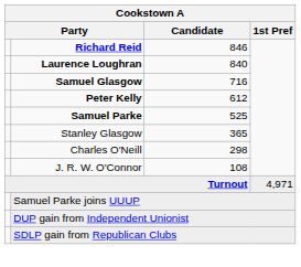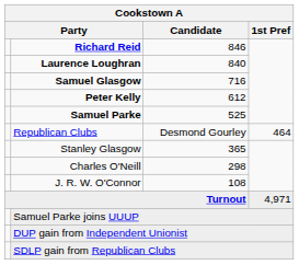 <table class="wikitable">
 <tr>
 <th colspan="4" align="center">Cookstown A</th>
 </tr>
 <tr>
 <th colspan="2" align="center" width=200>Party</th>
 <th width=150>Candidate</th>
 <th width=60>1st Pref</th>
 </tr>
 <tr>
 <td></td>
 <td align="right"><strong><a href='#'>Richard Reid</a></strong></td>
 <td align="right">846</td>
 </tr>
 <tr>
 <td></td>
 <td align="right"><strong>Laurence Loughran</strong></td>
 <td align="right">840</td>
 </tr>
 <tr>
 <td></td>
 <td align="right"><strong>Samuel Glasgow</strong></td>
 <td align="right">716</td>
 </tr>
 <tr>
 <td></td>
 <td align="right"><strong>Peter Kelly</strong></td>
 <td align="right">612</td>
 </tr>
 <tr>
 <td></td>
 <td align="right"><strong>Samuel Parke</strong></td>
 <td align="right">525</td>
 </tr>
 <tr>
+<td style="background-color: "></td>
+<td><a href='#'>Republican Clubs</a></td>
+<td align="right">Desmond Gourley</td>
+<td align="right">464</td>
+</tr>
+<tr>
 <td></td>
 <td align="right">Stanley Glasgow</td>
 <td align="right">365</td>
 </tr>
 <tr>
 <td></td>
 <td align="right">Charles O'Neill</td>
 <td align="right">298</td>
 </tr>
 <tr>
 <td></td>
 <td align="right">J. R. W. O'Connor</td>
 <td align="right">108</td>
 </tr>
 <tr bgcolor="EEEEEE">
 <td colspan=3 align="right"><strong><a href='#'>Turnout</a></strong></td>
 <td align="right">4,971</td>
 </tr>
 <tr>
 <td bgcolor=></td>
 <td colspan=3 bgcolor="EEEEEE">Samuel Parke joins <a href='#'>UUUP</a></td>
 </tr>
 <tr>
 <td bgcolor=></td>
 <td colspan=3 bgcolor="EEEEEE"><a href='#'>DUP</a> gain from <a href='#'>Independent Unionist</a></td>
 </tr>
 <tr>
 <td bgcolor=></td>
 <td colspan=3 bgcolor="EEEEEE"><a href='#'>SDLP</a> gain from <a href='#'>Republican Clubs</a></td>
 </tr>
 </table>
